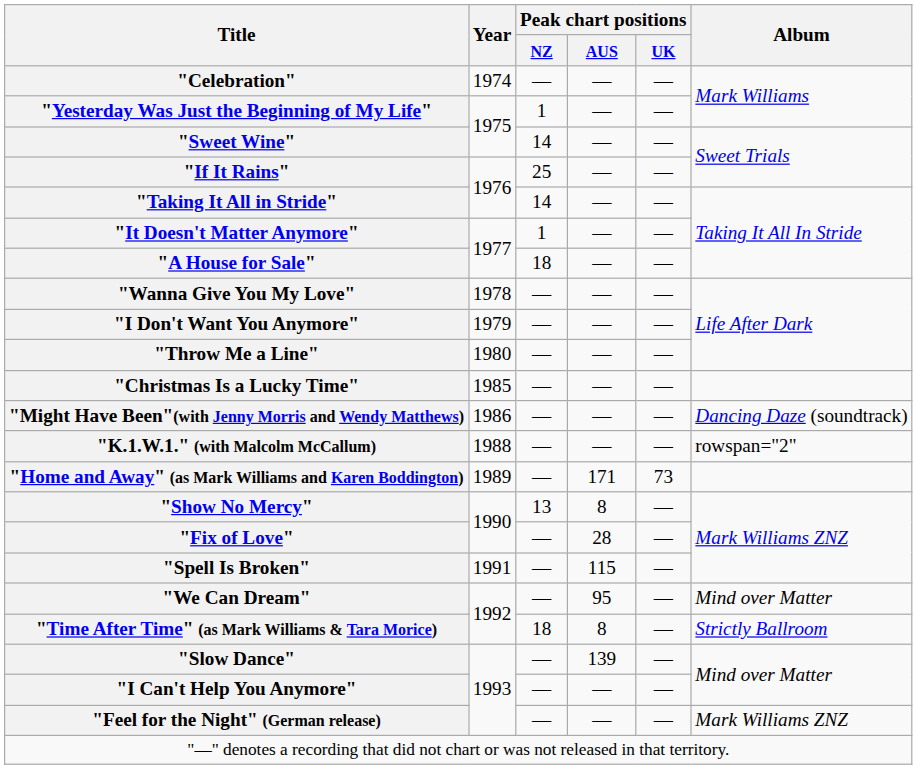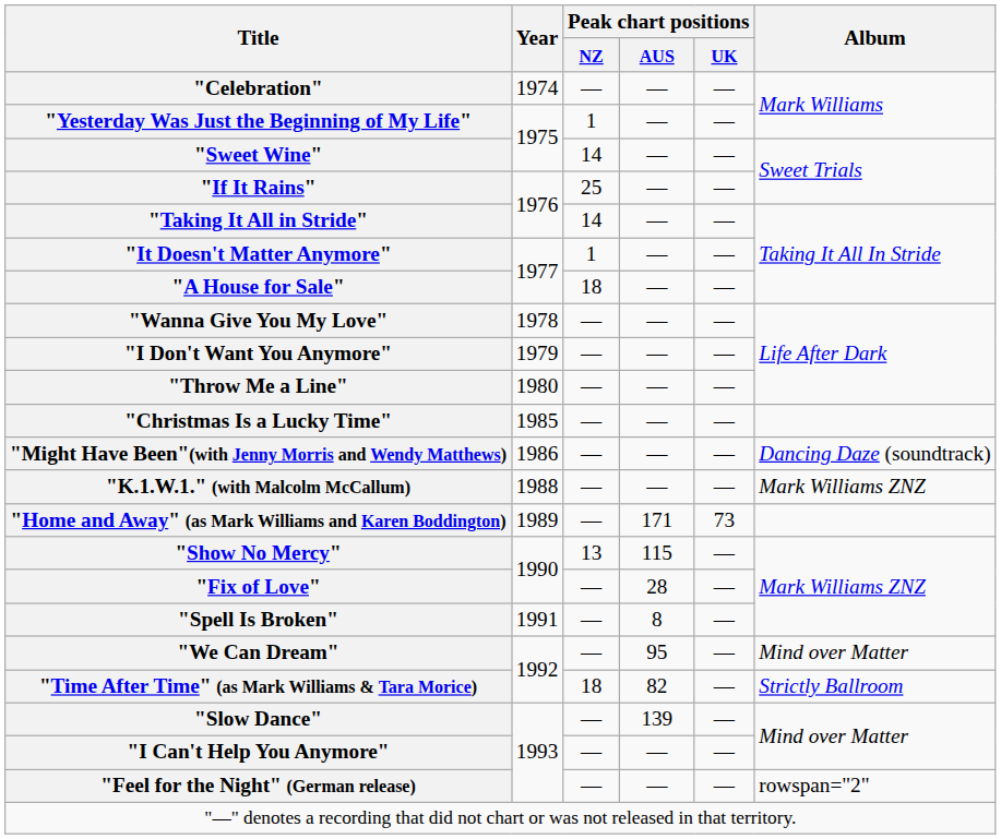 <table class="wikitable plainrowheaders">
 <tr>
 <th rowspan="2">Title</th>
 <th rowspan="2" width="1em">Year</th>
 <th colspan="3">Peak chart positions</th>
 <th rowspan="2">Album</th>
 </tr>
 <tr>
 <th><small><a href='#'>NZ</a></small><br></th>
 <th><small><a href='#'>AUS</a></small><br></th>
 <th><small><a href='#'>UK</a></small><br></th>
 </tr>
 <tr>
 <th scope="row">"Celebration"</th>
 <td>1974</td>
 <td align="center">—</td>
 <td align="center">—</td>
 <td align="center">—</td>
 <td rowspan="2"><em><a href='#'>Mark Williams</a></em></td>
 </tr>
 <tr>
 <th scope="row">"<a href='#'>Yesterday Was Just the Beginning of My Life</a>"</th>
 <td rowspan="2">1975</td>
 <td align="center">1</td>
 <td align="center">—</td>
 <td align="center">—</td>
 </tr>
 <tr>
 <th scope="row">"<a href='#'>Sweet Wine</a>"</th>
 <td align="center">14</td>
 <td align="center">—</td>
 <td align="center">—</td>
 <td rowspan="2"><em><a href='#'>Sweet Trials</a></em></td>
 </tr>
 <tr>
 <th scope="row">"<a href='#'>If It Rains</a>"</th>
 <td rowspan="2">1976</td>
 <td align="center">25</td>
 <td align="center">—</td>
 <td align="center">—</td>
 </tr>
 <tr>
 <th scope="row">"<a href='#'>Taking It All in Stride</a>"</th>
 <td align="center">14</td>
 <td align="center">—</td>
 <td align="center">—</td>
 <td rowspan="3"><em><a href='#'>Taking It All In Stride</a></em></td>
 </tr>
 <tr>
 <th scope="row">"<a href='#'>It Doesn't Matter Anymore</a>"</th>
 <td rowspan="2">1977</td>
 <td align="center">1</td>
 <td align="center">—</td>
 <td align="center">—</td>
 </tr>
 <tr>
 <th scope="row">"<a href='#'>A House for Sale</a>"</th>
 <td align="center">18</td>
 <td align="center">—</td>
 <td align="center">—</td>
 </tr>
 <tr>
 <th scope="row">"Wanna Give You My Love"</th>
 <td>1978</td>
 <td align="center">—</td>
 <td align="center">—</td>
 <td align="center">—</td>
 <td rowspan="3"><em><a href='#'>Life After Dark</a></em></td>
 </tr>
 <tr>
 <th scope="row">"I Don't Want You Anymore"</th>
 <td>1979</td>
 <td align="center">—</td>
 <td align="center">—</td>
 <td align="center">—</td>
 </tr>
 <tr>
 <th scope="row">"Throw Me a Line"</th>
 <td>1980</td>
 <td align="center">—</td>
 <td align="center">—</td>
 <td align="center">—</td>
 </tr>
 <tr>
 <th scope="row">"Christmas Is a Lucky Time"</th>
 <td>1985</td>
 <td align="center">—</td>
 <td align="center">—</td>
 <td align="center">—</td>
 <td></td>
 </tr>
 <tr>
 <th scope="row">"Might Have Been"<small>(with <a href='#'>Jenny Morris</a> and <a href='#'>Wendy Matthews</a>)</small></th>
 <td>1986</td>
 <td align="center">—</td>
 <td align="center">—</td>
 <td align="center">—</td>
 <td><em><a href='#'>Dancing Daze</a></em> (soundtrack)</td>
 </tr>
 <tr>
 <th scope="row">"K.1.W.1." <small>(with Malcolm McCallum)</small></th>
 <td>1988</td>
 <td align="center">—</td>
 <td align="center">—</td>
 <td align="center">—</td>
-<td>rowspan="2" </td>
+<td><em>Mark Williams ZNZ</em></td>
 </tr>
 <tr>
 <th scope="row">"<a href='#'>Home and Away</a>" <small>(as Mark Williams and <a href='#'>Karen Boddington</a>)</small></th>
 <td>1989</td>
 <td align="center">—</td>
 <td align="center">171</td>
 <td align="center">73</td>
 </tr>
 <tr>
 <th scope="row">"<a href='#'>Show No Mercy</a>"</th>
 <td rowspan="2">1990</td>
 <td align="center">13</td>
-<td align="center">8</td>
+<td align="center">115</td>
 <td align="center">—</td>
 <td rowspan="3"><em><a href='#'>Mark Williams ZNZ</a></em></td>
 </tr>
 <tr>
 <th scope="row">"<a href='#'>Fix of Love</a>"</th>
 <td align="center">—</td>
 <td align="center">28</td>
 <td align="center">—</td>
 </tr>
 <tr>
 <th scope="row">"Spell Is Broken"</th>
 <td>1991</td>
 <td align="center">—</td>
-<td align="center">115</td>
+<td align="center">8</td>
 <td align="center">—</td>
 </tr>
 <tr>
 <th scope="row">"We Can Dream"</th>
 <td rowspan="2">1992</td>
 <td align="center">—</td>
 <td align="center">95</td>
 <td align="center">—</td>
 <td><em>Mind over Matter</em></td>
 </tr>
 <tr>
 <th scope="row">"<a href='#'>Time After Time</a>" <small>(as Mark Williams & <a href='#'>Tara Morice</a>)</small></th>
 <td align="center">18</td>
-<td align="center">8</td>
+<td align="center">82</td>
 <td align="center">—</td>
 <td><em><a href='#'>Strictly Ballroom</a></em></td>
 </tr>
 <tr>
 <th scope="row">"Slow Dance"</th>
 <td rowspan="3">1993</td>
 <td align="center">—</td>
 <td align="center">139</td>
 <td align="center">—</td>
 <td rowspan="2"><em>Mind over Matter</em></td>
 </tr>
 <tr>
 <th scope="row">"I Can't Help You Anymore"</th>
 <td align="center">—</td>
 <td align="center">—</td>
 <td align="center">—</td>
 </tr>
 <tr>
 <th scope="row">"Feel for the Night" <small> (German release) </small></th>
 <td align="center">—</td>
 <td align="center">—</td>
 <td align="center">—</td>
-<td><em>Mark Williams ZNZ</em></td>
+<td>rowspan="2" </td>
 </tr>
 <tr>
 <td colspan="6" style="font-size:90%" align="center">"—" denotes a recording that did not chart or was not released in that territory.</td>
 </tr>
 </table>
